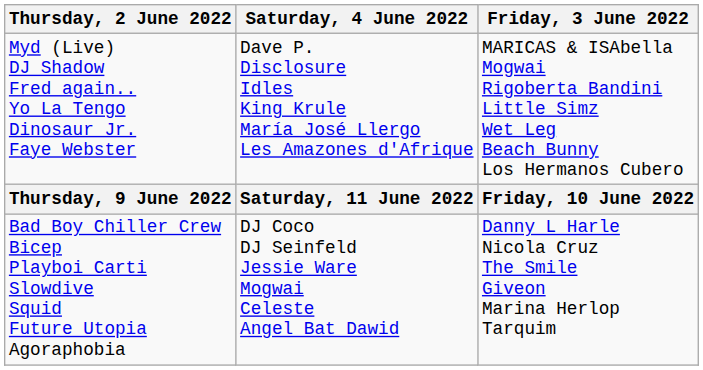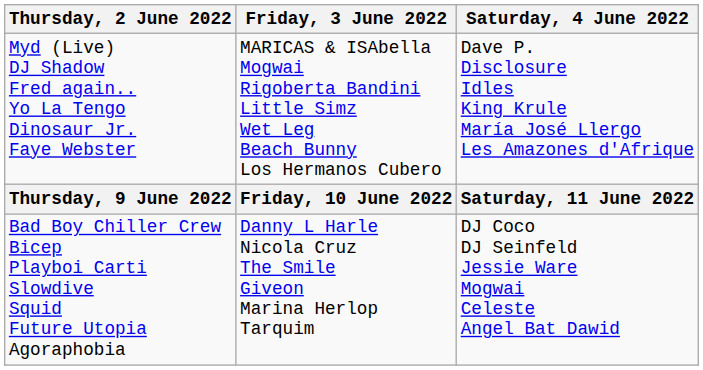 <table class="wikitable">
 <tr>
 <th>Thursday, 2 June 2022</th>
+<th>Friday, 3 June 2022</th>
 <th>Saturday, 4 June 2022</th>
-<th>Friday, 3 June 2022</th>
 </tr>
 <tr valign="top">
 <td><a href='#'>Myd</a> (Live)<br><a href='#'>DJ Shadow</a><br><a href='#'>Fred again..</a><br><a href='#'>Yo La Tengo</a><br><a href='#'>Dinosaur Jr.</a><br><a href='#'>Faye Webster</a></td>
+<td>MARICAS & ISAbella<br><a href='#'>Mogwai</a><br><a href='#'>Rigoberta Bandini</a><br><a href='#'>Little Simz</a><br><a href='#'>Wet Leg</a><br><a href='#'>Beach Bunny</a><br>Los Hermanos Cubero</td>
 <td>Dave P.<br><a href='#'>Disclosure</a><br><a href='#'>Idles</a><br><a href='#'>King Krule</a><br><a href='#'>María José Llergo</a><br><a href='#'>Les Amazones d'Afrique</a></td>
-<td>MARICAS & ISAbella<br><a href='#'>Mogwai</a><br><a href='#'>Rigoberta Bandini</a><br><a href='#'>Little Simz</a><br><a href='#'>Wet Leg</a><br><a href='#'>Beach Bunny</a><br>Los Hermanos Cubero</td>
 </tr>
 <tr>
 <th>Thursday, 9 June 2022</th>
+<th>Friday, 10 June 2022</th>
 <th>Saturday, 11 June 2022</th>
-<th>Friday, 10 June 2022</th>
 </tr>
 <tr valign="top">
 <td><a href='#'>Bad Boy Chiller Crew</a><br><a href='#'>Bicep</a><br><a href='#'>Playboi Carti</a><br><a href='#'>Slowdive</a><br><a href='#'>Squid</a><br><a href='#'>Future Utopia</a><br>Agoraphobia</td>
+<td><a href='#'>Danny L Harle</a><br>Nicola Cruz<br><a href='#'>The Smile</a><br><a href='#'>Giveon</a><br>Marina Herlop<br>Tarquim</td>
 <td>DJ Coco<br>DJ Seinfeld<br><a href='#'>Jessie Ware</a><br><a href='#'>Mogwai</a><br><a href='#'>Celeste</a><br><a href='#'>Angel Bat Dawid</a></td>
-<td><a href='#'>Danny L Harle</a><br>Nicola Cruz<br><a href='#'>The Smile</a><br><a href='#'>Giveon</a><br>Marina Herlop<br>Tarquim</td>
 </tr>
 </table>
